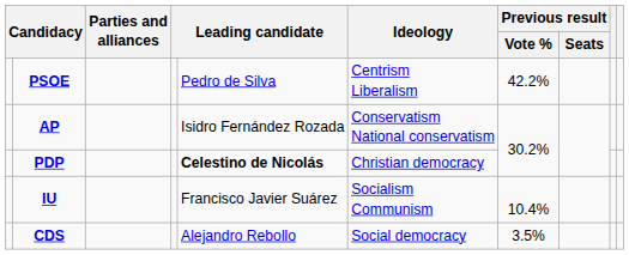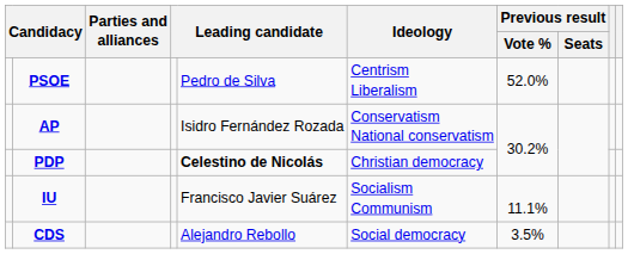 <table class="wikitable" style="line-height:1.35em; text-align:left;">
 <tr>
 <th colspan="2" rowspan="2">Candidacy</th>
 <th rowspan="2">Parties and<br>alliances</th>
 <th colspan="2" rowspan="2">Leading candidate</th>
 <th rowspan="2">Ideology</th>
 <th colspan="2">Previous result</th>
 <th rowspan="2"></th>
 <th rowspan="2"></th>
 </tr>
 <tr>
 <th>Vote %</th>
 <th>Seats</th>
 </tr>
 <tr>
 <td width="1" style="color:inherit;background:"></td>
 <td align="center"><strong><a href='#'>PSOE</a></strong></td>
 <td></td>
 <td></td>
 <td><a href='#'>Pedro de Silva</a></td>
 <td><a href='#'>Centrism</a><br><a href='#'>Liberalism</a></td>
-<td align="center">42.2%</td>
+<td align="center">52.0%</td>
 <td></td>
 <td></td>
 <td></td>
 </tr>
 <tr>
 <td style="color:inherit;background:"></td>
 <td align="center"><strong><a href='#'>AP</a></strong></td>
 <td></td>
 <td></td>
 <td>Isidro Fernández Rozada</td>
 <td><a href='#'>Conservatism</a><br><a href='#'>National conservatism</a></td>
 <td rowspan="2" align="center"><br>30.2%<br></td>
 <td rowspan="2"></td>
 <td></td>
 <td></td>
 </tr>
 <tr>
 <td style="color:inherit;background:"></td>
 <td align="center"><strong><a href='#'>PDP</a></strong></td>
 <td></td>
 <td></td>
 <td><strong>Celestino de Nicolás</strong></td>
 <td><a href='#'>Christian democracy</a></td>
 <td></td>
 <td></td>
 </tr>
 <tr>
 <td style="color:inherit;background:"></td>
 <td align="center"><strong><a href='#'>IU</a></strong></td>
 <td></td>
 <td></td>
 <td>Francisco Javier Suárez</td>
 <td><a href='#'>Socialism</a><br><a href='#'>Communism</a></td>
-<td align="center"><br>10.4%<br></td>
+<td align="center"><br>11.1%<br></td>
 <td></td>
 <td></td>
 <td></td>
 </tr>
 <tr>
 <td style="color:inherit;background:"></td>
 <td align="center"><strong><a href='#'>CDS</a></strong></td>
 <td></td>
 <td></td>
 <td><a href='#'>Alejandro Rebollo</a></td>
 <td><a href='#'>Social democracy</a></td>
 <td align="center">3.5%</td>
 <td></td>
 <td></td>
 <td></td>
 </tr>
 </table>
